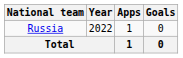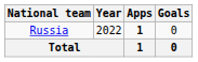 <table class=wikitable style=text-align:center>
 <tr>
 <th>National team</th>
 <th>Year</th>
 <th>Apps</th>
 <th>Goals</th>
 </tr>
 <tr>
 <td><a href='#'>Russia</a></td>
 <td>2022</td>
-<td>1</td>
+<td><strong>1</strong></td>
 <td>0</td>
 </tr>
 <tr>
 <th colspan="2">Total</th>
 <th>1</th>
 <th>0</th>
 </tr>
 </table>
